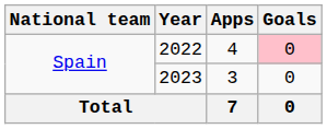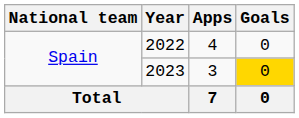 <table class="wikitable" style="text-align:center">
 <tr>
 <th>National team</th>
 <th>Year</th>
 <th>Apps</th>
 <th>Goals</th>
 </tr>
 <tr>
 <td rowspan="2"><a href='#'>Spain</a></td>
 <td>2022</td>
 <td>4</td>
-<td style="background: pink;">0</td>
+<td>0</td>
 </tr>
 <tr>
 <td>2023</td>
 <td>3</td>
-<td>0</td>
+<td style="background: gold;">0</td>
 </tr>
 <tr>
 <th colspan="2">Total</th>
 <th>7</th>
 <th>0</th>
 </tr>
 </table>
